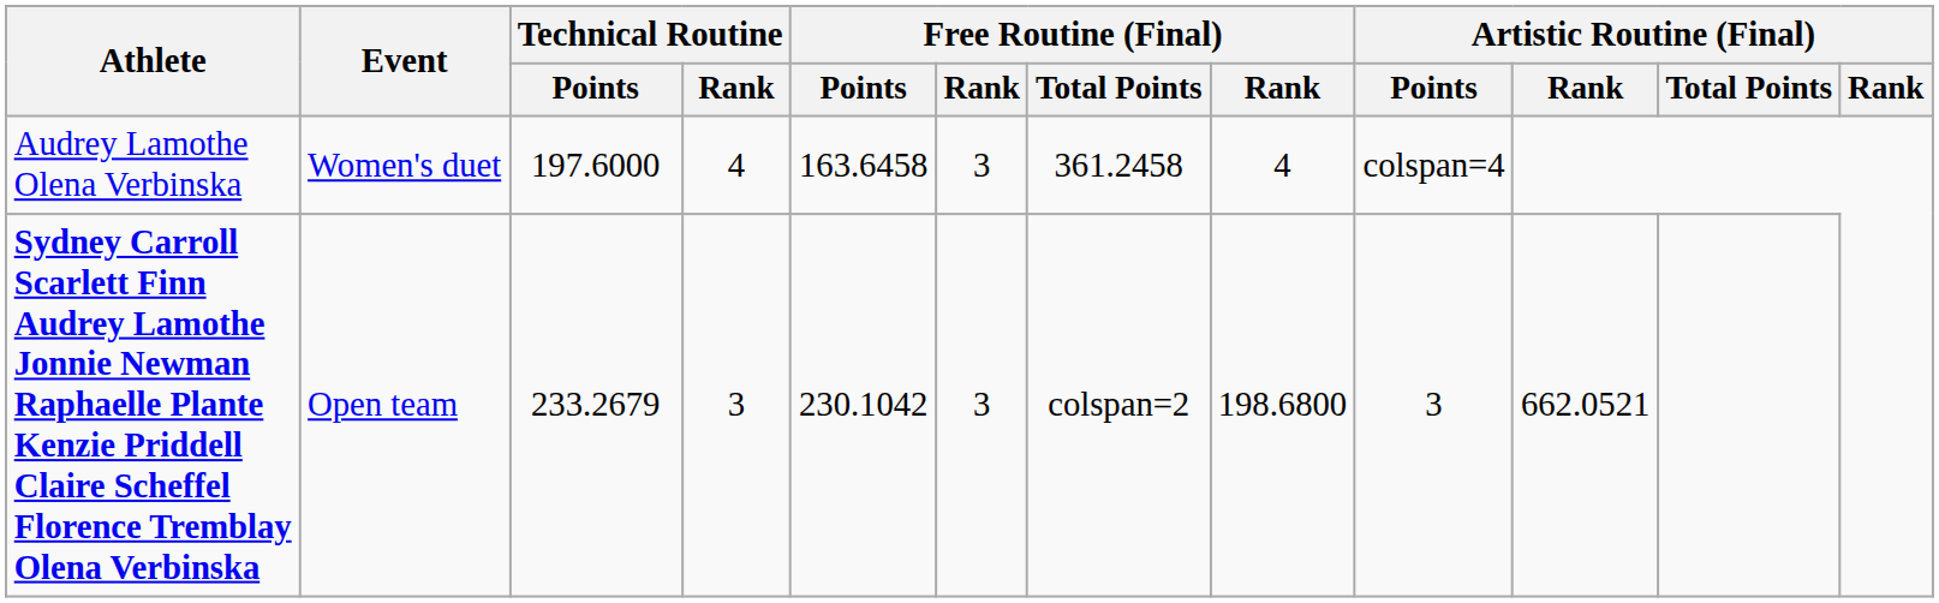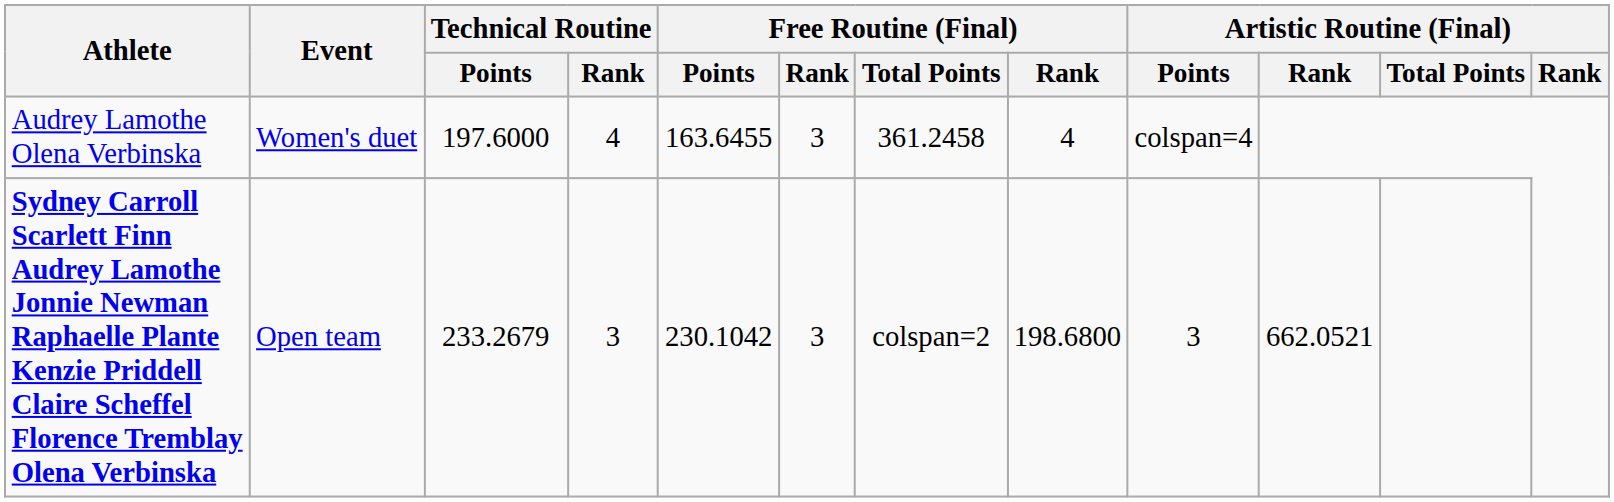 <table class=wikitable style="font-size:90%">
 <tr>
 <th rowspan=2>Athlete</th>
 <th rowspan=2>Event</th>
 <th colspan=2>Technical Routine</th>
 <th colspan="4">Free Routine (Final)</th>
 <th colspan="4">Artistic Routine (Final)</th>
 </tr>
 <tr style="font-size:95%">
 <th>Points</th>
 <th>Rank</th>
 <th>Points</th>
 <th>Rank</th>
 <th>Total Points</th>
 <th>Rank</th>
 <th>Points</th>
 <th>Rank</th>
 <th>Total Points</th>
 <th>Rank</th>
 </tr>
 <tr align=center>
 <td align=left><a href='#'>Audrey Lamothe</a><br><a href='#'>Olena Verbinska</a></td>
 <td align=left><a href='#'>Women's duet</a></td>
 <td>197.6000</td>
 <td>4</td>
-<td>163.6458</td>
+<td>163.6455</td>
 <td>3</td>
 <td>361.2458</td>
 <td>4</td>
 <td>colspan=4 </td>
 </tr>
 <tr align=center>
 <td align=left><strong><a href='#'>Sydney Carroll</a><br><a href='#'>Scarlett Finn</a><br><a href='#'>Audrey Lamothe</a><br><a href='#'>Jonnie Newman</a><br><a href='#'>Raphaelle Plante</a><br><a href='#'>Kenzie Priddell</a><br><a href='#'>Claire Scheffel</a><br><a href='#'>Florence Tremblay</a><br><a href='#'>Olena Verbinska</a></strong></td>
 <td align=left><a href='#'>Open team</a></td>
 <td>233.2679</td>
 <td>3</td>
 <td>230.1042</td>
 <td>3</td>
 <td>colspan=2 </td>
 <td>198.6800</td>
 <td>3</td>
 <td>662.0521</td>
 <td></td>
 </tr>
 </table>
